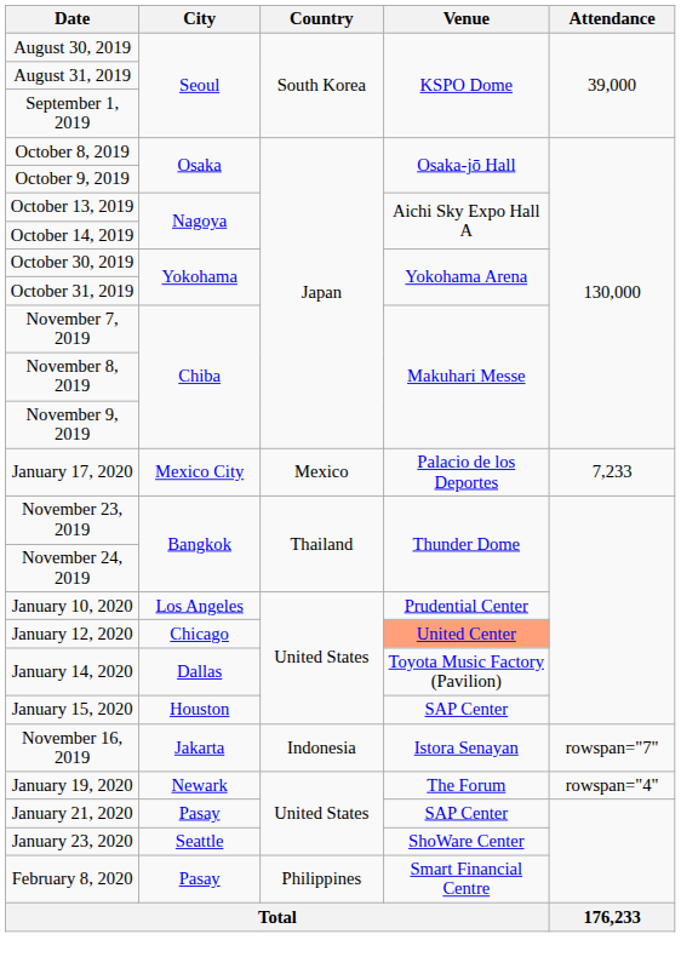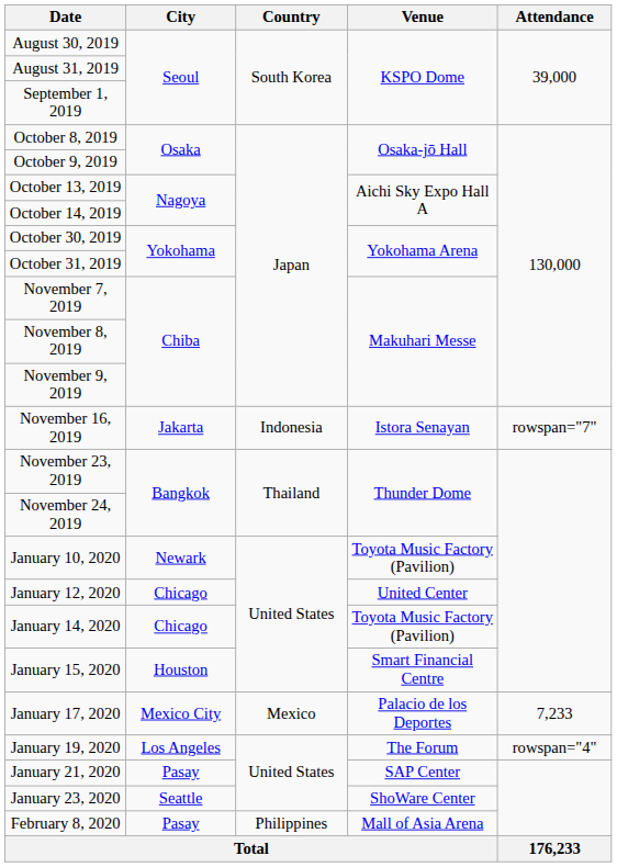 <table class="wikitable" style="text-align:center;">
 <tr>
 <th scope="col" style="width:12em;">Date</th>
 <th scope="col" style="width:10em;">City</th>
 <th scope="col" style="width:10em;">Country</th>
 <th scope="col" style="width:17em;">Venue</th>
 <th scope="col" style="width:9em;">Attendance</th>
 </tr>
 <tr>
 <td>August 30, 2019</td>
 <td rowspan="3"><a href='#'>Seoul</a></td>
 <td rowspan="3">South Korea</td>
 <td rowspan="3"><a href='#'>KSPO Dome</a></td>
 <td rowspan="3">39,000</td>
 </tr>
 <tr>
 <td>August 31, 2019</td>
 </tr>
 <tr>
 <td>September 1, 2019</td>
 </tr>
 <tr>
 <td>October 8, 2019</td>
 <td rowspan="2"><a href='#'>Osaka</a></td>
 <td rowspan="9">Japan</td>
 <td rowspan="2"><a href='#'>Osaka-jō Hall</a></td>
 <td rowspan="9">130,000</td>
 </tr>
 <tr>
 <td>October 9, 2019</td>
 </tr>
 <tr>
 <td>October 13, 2019</td>
 <td rowspan="2"><a href='#'>Nagoya</a></td>
 <td rowspan="2">Aichi Sky Expo Hall A</td>
 </tr>
 <tr>
 <td>October 14, 2019</td>
 </tr>
 <tr>
 <td>October 30, 2019</td>
 <td rowspan="2"><a href='#'>Yokohama</a></td>
 <td rowspan="2"><a href='#'>Yokohama Arena</a></td>
 </tr>
 <tr>
 <td>October 31, 2019</td>
 </tr>
 <tr>
 <td>November 7, 2019</td>
 <td rowspan="3"><a href='#'>Chiba</a></td>
 <td rowspan="3"><a href='#'>Makuhari Messe</a></td>
 </tr>
 <tr>
 <td>November 8, 2019</td>
 </tr>
 <tr>
 <td>November 9, 2019</td>
 </tr>
 <tr>
-<td>January 17, 2020</td>
-<td><a href='#'>Mexico City</a></td>
-<td>Mexico</td>
-<td><a href='#'>Palacio de los Deportes</a></td>
-<td>7,233</td>
+<td>November 16, 2019</td>
+<td><a href='#'>Jakarta</a></td>
+<td>Indonesia</td>
+<td><a href='#'>Istora Senayan</a></td>
+<td>rowspan="7" </td>
 </tr>
 <tr>
 <td>November 23, 2019</td>
 <td rowspan="2"><a href='#'>Bangkok</a></td>
 <td rowspan="2">Thailand</td>
 <td rowspan="2"><a href='#'>Thunder Dome</a></td>
 </tr>
 <tr>
 <td>November 24, 2019</td>
 </tr>
 <tr>
 <td>January 10, 2020</td>
-<td><a href='#'>Los Angeles</a></td>
+<td><a href='#'>Newark</a></td>
 <td rowspan="4">United States</td>
-<td><a href='#'>Prudential Center</a></td>
+<td><a href='#'>Toyota Music Factory</a> (Pavilion)</td>
 </tr>
 <tr>
 <td>January 12, 2020</td>
 <td><a href='#'>Chicago</a></td>
-<td style="background: lightsalmon;"><a href='#'>United Center</a></td>
+<td><a href='#'>United Center</a></td>
 </tr>
 <tr>
 <td>January 14, 2020</td>
-<td><a href='#'>Dallas</a></td>
+<td><a href='#'>Chicago</a></td>
 <td><a href='#'>Toyota Music Factory</a> (Pavilion)</td>
 </tr>
 <tr>
 <td>January 15, 2020</td>
 <td><a href='#'>Houston</a></td>
-<td><a href='#'>SAP Center</a></td>
+<td><a href='#'>Smart Financial Centre</a></td>
 </tr>
 <tr>
-<td>November 16, 2019</td>
-<td><a href='#'>Jakarta</a></td>
-<td>Indonesia</td>
-<td><a href='#'>Istora Senayan</a></td>
-<td>rowspan="7" </td>
+<td>January 17, 2020</td>
+<td><a href='#'>Mexico City</a></td>
+<td>Mexico</td>
+<td><a href='#'>Palacio de los Deportes</a></td>
+<td>7,233</td>
 </tr>
 <tr>
 <td>January 19, 2020</td>
-<td><a href='#'>Newark</a></td>
+<td><a href='#'>Los Angeles</a></td>
 <td rowspan="3">United States</td>
 <td><a href='#'>The Forum</a></td>
 <td>rowspan="4" </td>
 </tr>
 <tr>
 <td>January 21, 2020</td>
 <td><a href='#'>Pasay</a></td>
 <td><a href='#'>SAP Center</a></td>
 </tr>
 <tr>
 <td>January 23, 2020</td>
 <td><a href='#'>Seattle</a></td>
 <td><a href='#'>ShoWare Center</a></td>
 </tr>
 <tr>
 <td>February 8, 2020</td>
 <td><a href='#'>Pasay</a></td>
 <td>Philippines</td>
-<td><a href='#'>Smart Financial Centre</a></td>
+<td><a href='#'>Mall of Asia Arena</a></td>
 </tr>
 <tr>
 <th colspan="4"><strong>Total</strong></th>
 <th><strong>176,233</strong></th>
 </tr>
 </table>
